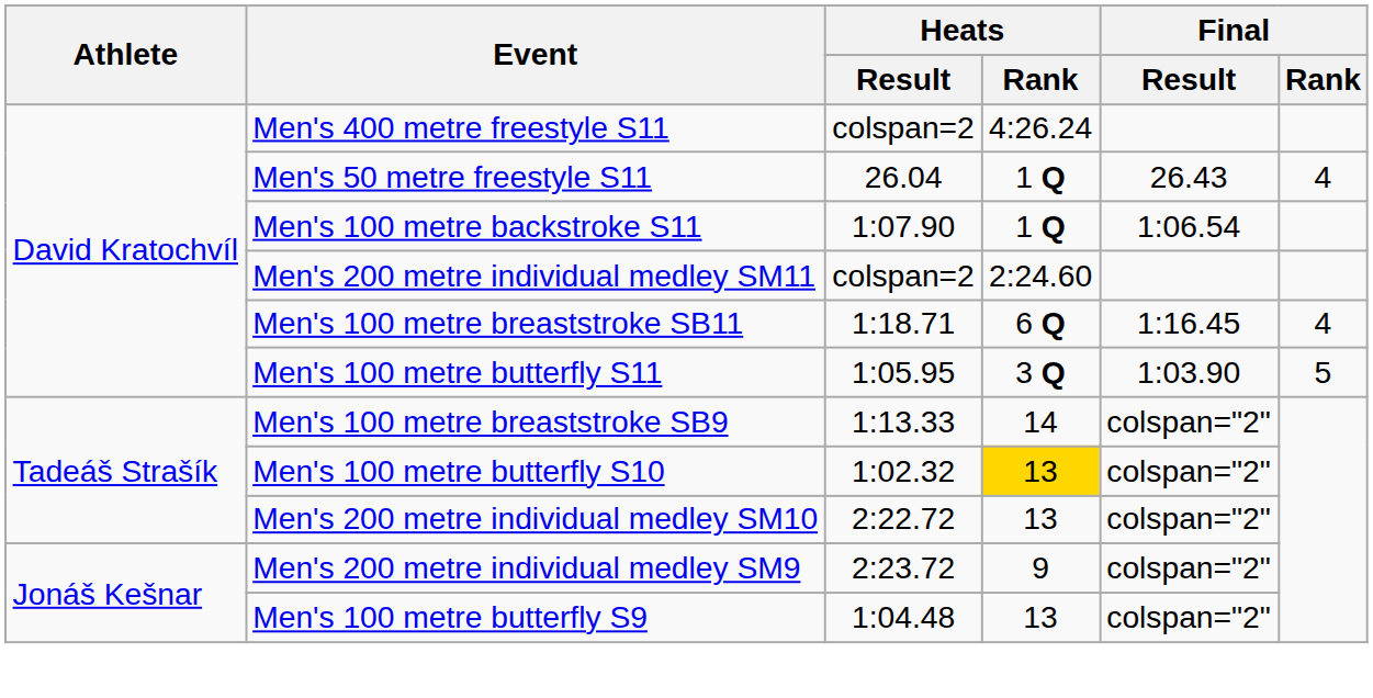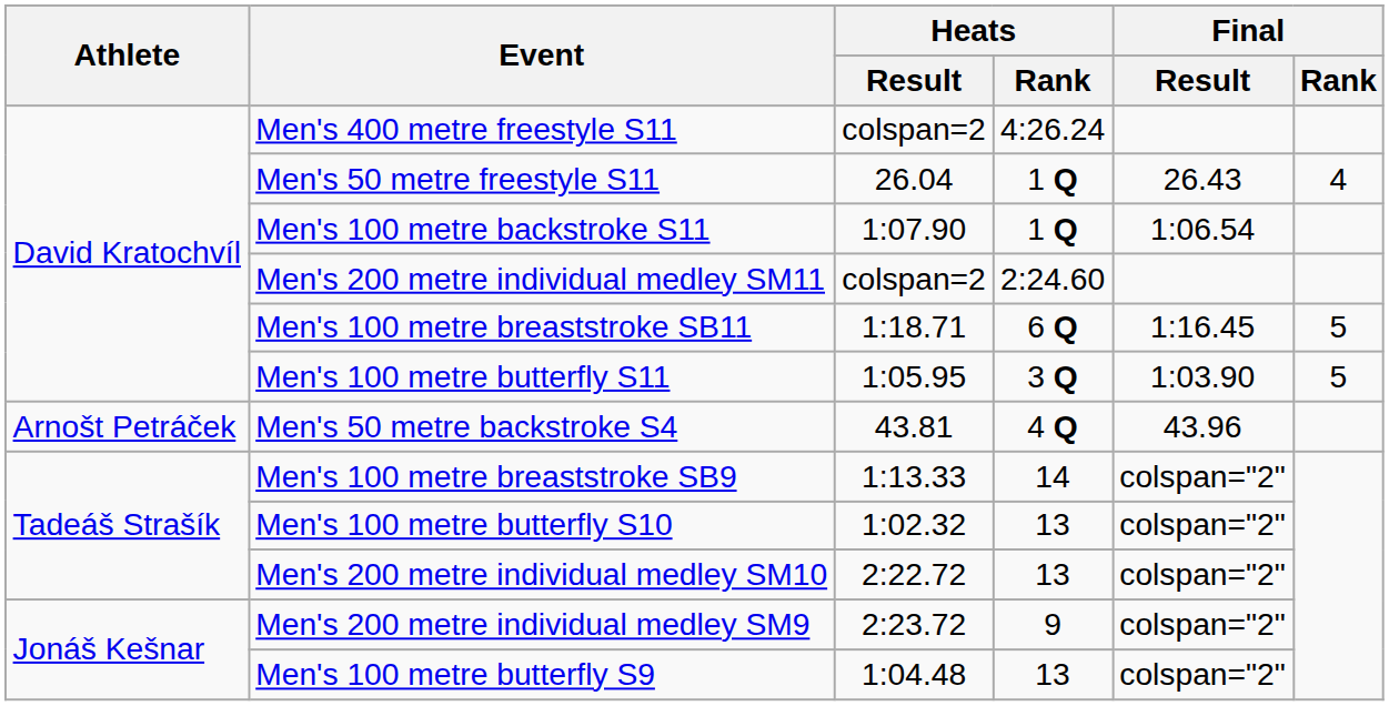 <table class=wikitable style="font-size:90%">
 <tr>
 <th rowspan="2">Athlete</th>
 <th rowspan="2">Event</th>
 <th colspan="2">Heats</th>
 <th colspan="2">Final</th>
 </tr>
 <tr>
 <th>Result</th>
 <th>Rank</th>
 <th>Result</th>
 <th>Rank</th>
 </tr>
 <tr align=center>
 <td align=left rowspan=6><a href='#'>David Kratochvíl</a></td>
 <td align=left><a href='#'>Men's 400 metre freestyle S11</a></td>
 <td>colspan=2 </td>
 <td>4:26.24 <strong></strong></td>
 <td></td>
 </tr>
 <tr align=center>
 <td align=left><a href='#'>Men's 50 metre freestyle S11</a></td>
 <td>26.04</td>
 <td>1 <strong>Q</strong></td>
 <td>26.43</td>
 <td>4</td>
 </tr>
 <tr align=center>
 <td align=left><a href='#'>Men's 100 metre backstroke S11</a></td>
 <td>1:07.90</td>
 <td>1 <strong>Q</strong></td>
 <td>1:06.54</td>
 <td></td>
 </tr>
 <tr align=center>
 <td align=left><a href='#'>Men's 200 metre individual medley SM11</a></td>
 <td>colspan=2 </td>
 <td>2:24.60</td>
 <td></td>
 </tr>
 <tr align=center>
 <td align=left><a href='#'>Men's 100 metre breaststroke SB11</a></td>
 <td>1:18.71</td>
 <td>6 <strong>Q</strong></td>
 <td>1:16.45</td>
-<td>4</td>
+<td>5</td>
 </tr>
 <tr align=center>
 <td align=left><a href='#'>Men's 100 metre butterfly S11</a></td>
 <td>1:05.95</td>
 <td>3 <strong>Q</strong></td>
 <td>1:03.90</td>
 <td>5</td>
+</tr>
+<tr align=center>
+<td align=left rowspan=1><a href='#'>Arnošt Petráček</a></td>
+<td align=left><a href='#'>Men's 50 metre backstroke S4</a></td>
+<td>43.81</td>
+<td>4 <strong>Q</strong></td>
+<td>43.96</td>
+<td></td>
 </tr>
 <tr align=center>
 <td align=left rowspan=3><a href='#'>Tadeáš Strašík</a></td>
 <td align=left><a href='#'>Men's 100 metre breaststroke SB9</a></td>
 <td>1:13.33</td>
 <td>14</td>
 <td>colspan="2" </td>
 </tr>
 <tr align=center>
 <td align=left><a href='#'>Men's 100 metre butterfly S10</a></td>
 <td>1:02.32</td>
-<td style="background: gold;">13</td>
+<td>13</td>
 <td>colspan="2" </td>
 </tr>
 <tr align=center>
 <td align=left><a href='#'>Men's 200 metre individual medley SM10</a></td>
 <td>2:22.72</td>
 <td>13</td>
 <td>colspan="2" </td>
 </tr>
 <tr align=center>
 <td align=left rowspan=2><a href='#'>Jonáš Kešnar</a></td>
 <td align=left><a href='#'>Men's 200 metre individual medley SM9</a></td>
 <td>2:23.72</td>
 <td>9</td>
 <td>colspan="2" </td>
 </tr>
 <tr align=center>
 <td align=left><a href='#'>Men's 100 metre butterfly S9</a></td>
 <td>1:04.48</td>
 <td>13</td>
 <td>colspan="2" </td>
 </tr>
 </table>
